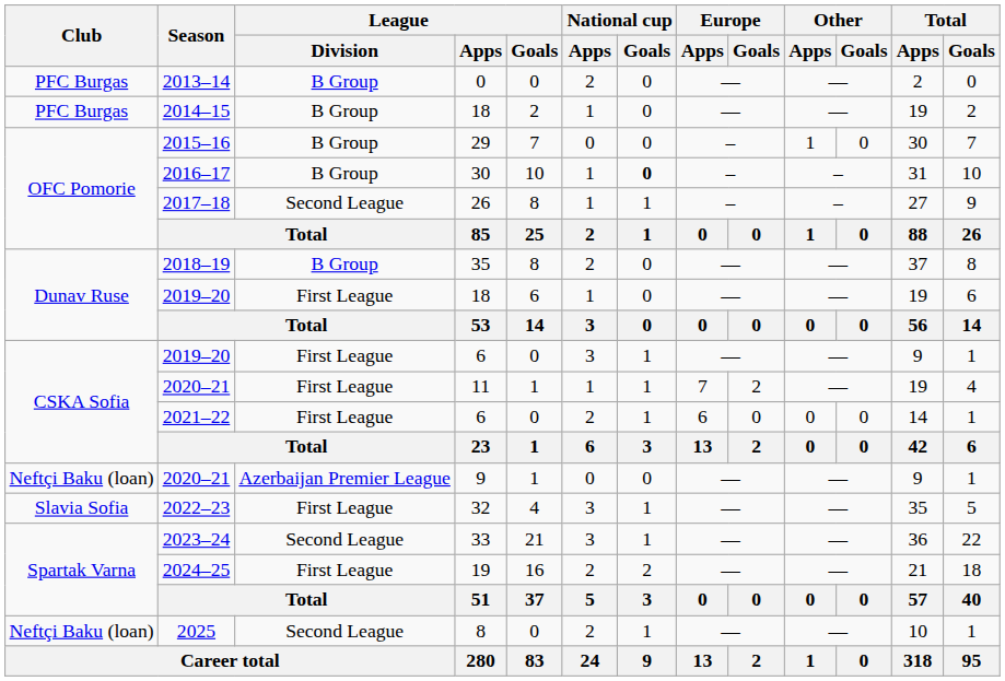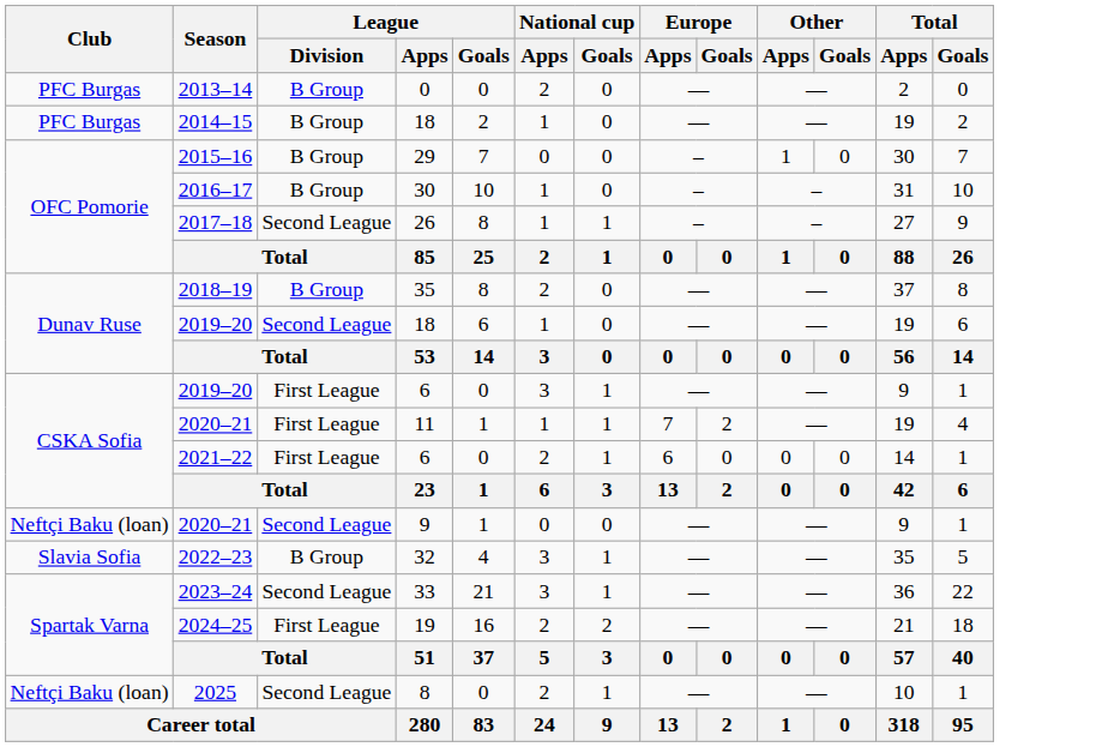 <table class="wikitable" style="text-align: center;">
 <tr>
 <th rowspan="2">Club</th>
 <th rowspan="2">Season</th>
 <th colspan="3">League</th>
 <th colspan="2">National cup</th>
 <th colspan="2">Europe</th>
 <th colspan="2">Other</th>
 <th colspan="2">Total</th>
 </tr>
 <tr>
 <th>Division</th>
 <th>Apps</th>
 <th>Goals</th>
 <th>Apps</th>
 <th>Goals</th>
 <th>Apps</th>
 <th>Goals</th>
 <th>Apps</th>
 <th>Goals</th>
 <th>Apps</th>
 <th>Goals</th>
 </tr>
 <tr>
 <td><a href='#'>PFC Burgas</a></td>
 <td><a href='#'>2013–14</a></td>
 <td><a href='#'>B Group</a></td>
 <td>0</td>
 <td>0</td>
 <td>2</td>
 <td>0</td>
 <td colspan="2">—</td>
 <td colspan="2">—</td>
 <td>2</td>
 <td>0</td>
 </tr>
 <tr>
 <td><a href='#'>PFC Burgas</a></td>
 <td><a href='#'>2014–15</a></td>
 <td>B Group</td>
 <td>18</td>
 <td>2</td>
 <td>1</td>
 <td>0</td>
 <td colspan="2">—</td>
 <td colspan="2">—</td>
 <td>19</td>
 <td>2</td>
 </tr>
 <tr>
 <td rowspan="4"><a href='#'>OFC Pomorie</a></td>
 <td><a href='#'>2015–16</a></td>
 <td>B Group</td>
 <td>29</td>
 <td>7</td>
 <td>0</td>
 <td>0</td>
 <td colspan="2">–</td>
 <td>1</td>
 <td>0</td>
 <td>30</td>
 <td>7</td>
 </tr>
 <tr>
 <td><a href='#'>2016–17</a></td>
 <td>B Group</td>
 <td>30</td>
 <td>10</td>
 <td>1</td>
-<td><strong>0</strong></td>
+<td>0</td>
 <td colspan="2">–</td>
 <td colspan="2">–</td>
 <td>31</td>
 <td>10</td>
 </tr>
 <tr>
 <td><a href='#'>2017–18</a></td>
 <td>Second League</td>
 <td>26</td>
 <td>8</td>
 <td>1</td>
 <td>1</td>
 <td colspan="2">–</td>
 <td colspan="2">–</td>
 <td>27</td>
 <td>9</td>
 </tr>
 <tr>
 <th colspan="2">Total</th>
 <th>85</th>
 <th>25</th>
 <th>2</th>
 <th>1</th>
 <th>0</th>
 <th>0</th>
 <th>1</th>
 <th>0</th>
 <th>88</th>
 <th>26</th>
 </tr>
 <tr>
 <td rowspan="3" valign="center"><a href='#'>Dunav Ruse</a></td>
 <td><a href='#'>2018–19</a></td>
 <td><a href='#'>B Group</a></td>
 <td>35</td>
 <td>8</td>
 <td>2</td>
 <td>0</td>
 <td colspan="2">—</td>
 <td colspan="2">—</td>
 <td>37</td>
 <td>8</td>
 </tr>
 <tr>
 <td><a href='#'>2019–20</a></td>
-<td>First League</td>
+<td><a href='#'>Second League</a></td>
 <td>18</td>
 <td>6</td>
 <td>1</td>
 <td>0</td>
 <td colspan="2">—</td>
 <td colspan="2">—</td>
 <td>19</td>
 <td>6</td>
 </tr>
 <tr>
 <th colspan="2">Total</th>
 <th>53</th>
 <th>14</th>
 <th>3</th>
 <th>0</th>
 <th>0</th>
 <th>0</th>
 <th>0</th>
 <th>0</th>
 <th>56</th>
 <th>14</th>
 </tr>
 <tr>
 <td rowspan="4"><a href='#'>CSKA Sofia</a></td>
 <td><a href='#'>2019–20</a></td>
 <td>First League</td>
 <td>6</td>
 <td>0</td>
 <td>3</td>
 <td>1</td>
 <td colspan="2">—</td>
 <td colspan="2">—</td>
 <td>9</td>
 <td>1</td>
 </tr>
 <tr>
 <td><a href='#'>2020–21</a></td>
 <td>First League</td>
 <td>11</td>
 <td>1</td>
 <td>1</td>
 <td>1</td>
 <td>7</td>
 <td>2</td>
 <td colspan="2">—</td>
 <td>19</td>
 <td>4</td>
 </tr>
 <tr>
 <td><a href='#'>2021–22</a></td>
 <td>First League</td>
 <td>6</td>
 <td>0</td>
 <td>2</td>
 <td>1</td>
 <td>6</td>
 <td>0</td>
 <td>0</td>
 <td>0</td>
 <td>14</td>
 <td>1</td>
 </tr>
 <tr>
 <th colspan="2">Total</th>
 <th>23</th>
 <th>1</th>
 <th>6</th>
 <th>3</th>
 <th>13</th>
 <th>2</th>
 <th>0</th>
 <th>0</th>
 <th>42</th>
 <th>6</th>
 </tr>
 <tr>
 <td valign="center"><a href='#'>Neftçi Baku</a> (loan)</td>
 <td><a href='#'>2020–21</a></td>
-<td><a href='#'>Azerbaijan Premier League</a></td>
+<td><a href='#'>Second League</a></td>
 <td>9</td>
 <td>1</td>
 <td>0</td>
 <td>0</td>
 <td colspan="2">—</td>
 <td colspan="2">—</td>
 <td>9</td>
 <td>1</td>
 </tr>
 <tr>
 <td valign="center"><a href='#'>Slavia Sofia</a></td>
 <td><a href='#'>2022–23</a></td>
-<td>First League</td>
+<td>B Group</td>
 <td>32</td>
 <td>4</td>
 <td>3</td>
 <td>1</td>
 <td colspan="2">—</td>
 <td colspan="2">—</td>
 <td>35</td>
 <td>5</td>
 </tr>
 <tr>
 <td rowspan=3 valign="center"><a href='#'>Spartak Varna</a></td>
 <td><a href='#'>2023–24</a></td>
 <td>Second League</td>
 <td>33</td>
 <td>21</td>
 <td>3</td>
 <td>1</td>
 <td colspan="2">—</td>
 <td colspan="2">—</td>
 <td>36</td>
 <td>22</td>
 </tr>
 <tr>
 <td><a href='#'>2024–25</a></td>
 <td>First League</td>
 <td>19</td>
 <td>16</td>
 <td>2</td>
 <td>2</td>
 <td colspan="2">—</td>
 <td colspan="2">—</td>
 <td>21</td>
 <td>18</td>
 </tr>
 <tr>
 <th colspan="2">Total</th>
 <th>51</th>
 <th>37</th>
 <th>5</th>
 <th>3</th>
 <th>0</th>
 <th>0</th>
 <th>0</th>
 <th>0</th>
 <th>57</th>
 <th>40</th>
 </tr>
 <tr>
 <td valign="center"><a href='#'>Neftçi Baku</a> (loan)</td>
 <td><a href='#'>2025</a></td>
 <td>Second League</td>
 <td>8</td>
 <td>0</td>
 <td>2</td>
 <td>1</td>
 <td colspan="2">—</td>
 <td colspan="2">—</td>
 <td>10</td>
 <td>1</td>
 </tr>
 <tr>
 <th colspan="3">Career total</th>
 <th>280</th>
 <th>83</th>
 <th>24</th>
 <th>9</th>
 <th>13</th>
 <th>2</th>
 <th>1</th>
 <th>0</th>
 <th>318</th>
 <th>95</th>
 </tr>
 </table>
